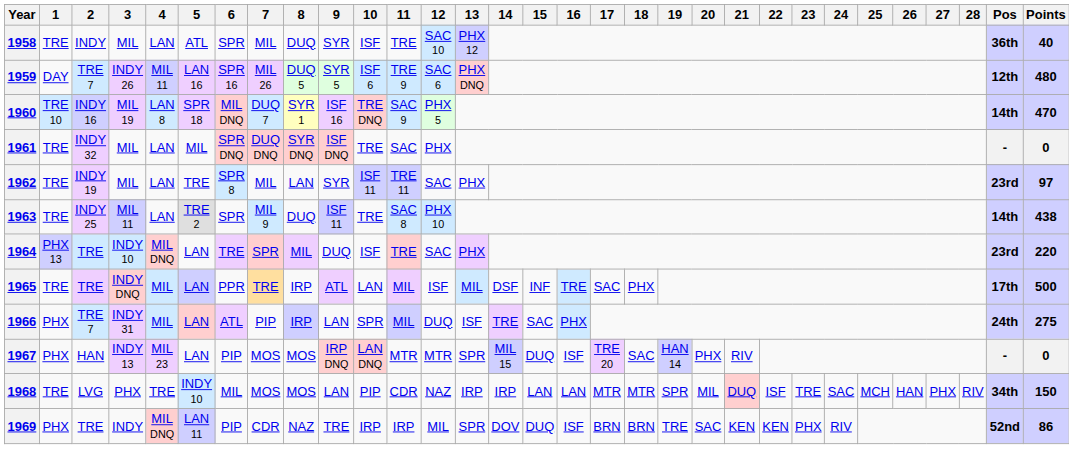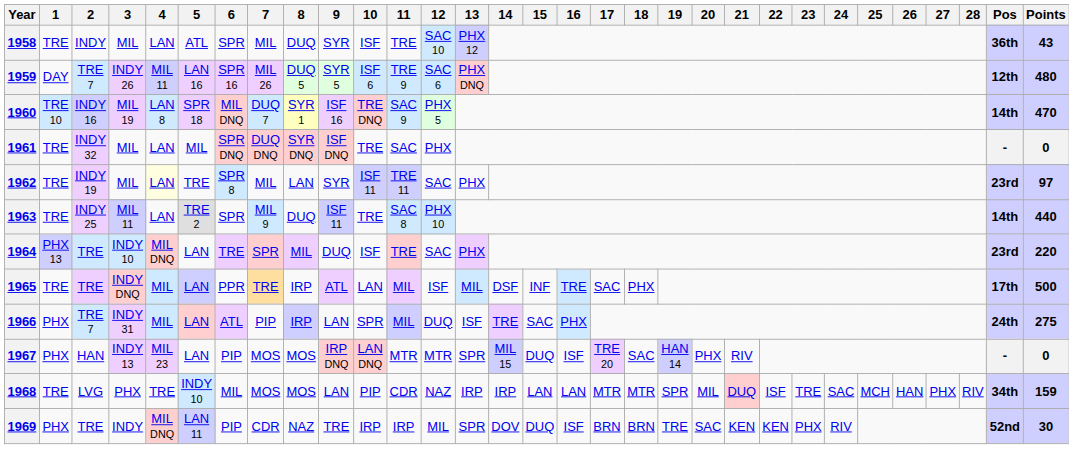 <table class="wikitable" style="text-align:center; font-size:90%">
 <tr>
 <th>Year</th>
 <th>1</th>
 <th>2</th>
 <th>3</th>
 <th>4</th>
 <th>5</th>
 <th>6</th>
 <th>7</th>
 <th>8</th>
 <th>9</th>
 <th>10</th>
 <th>11</th>
 <th>12</th>
 <th>13</th>
 <th>14</th>
 <th>15</th>
 <th>16</th>
 <th>17</th>
 <th>18</th>
 <th>19</th>
 <th>20</th>
 <th>21</th>
 <th>22</th>
 <th>23</th>
 <th>24</th>
 <th>25</th>
 <th>26</th>
 <th>27</th>
 <th>28</th>
 <th>Pos</th>
 <th>Points</th>
 </tr>
 <tr>
 <th rowspan=1><a href='#'>1958</a></th>
 <td><a href='#'>TRE</a></td>
 <td><a href='#'>INDY</a><br><small> </small></td>
 <td><a href='#'>MIL</a><br><small> </small></td>
 <td><a href='#'>LAN</a></td>
 <td><a href='#'>ATL</a></td>
 <td><a href='#'>SPR</a><br><small> </small></td>
 <td><a href='#'>MIL</a><br><small> </small></td>
 <td><a href='#'>DUQ</a><br><small> </small></td>
 <td><a href='#'>SYR</a><br><small> </small></td>
 <td><a href='#'>ISF</a><br><small> </small></td>
 <td><a href='#'>TRE</a><br><small> </small></td>
 <td style="background:#CFEAFF;"><a href='#'>SAC</a><br><small>10</small></td>
 <td style="background:#CFCFFF;"><a href='#'>PHX</a><br><small>12</small></td>
 <td colspan=15></td>
 <th style="background:#CFCFFF;">36th</th>
-<th style="background:#CFCFFF;">40</th>
+<th style="background:#CFCFFF;">43</th>
 </tr>
 <tr>
 <th rowspan=1><a href='#'>1959</a></th>
 <td><a href='#'>DAY</a><br><small> </small></td>
 <td style="background:#cfeaff;"><a href='#'>TRE</a><br><small>7</small></td>
 <td style="background:#efcfff;"><a href='#'>INDY</a><br><small>26</small></td>
 <td style="background:#cfcfff;"><a href='#'>MIL</a><br><small>11</small></td>
 <td style="background:#efcfff;"><a href='#'>LAN</a><br><small>16</small></td>
 <td style="background:#efcfff;"><a href='#'>SPR</a><br><small>16</small></td>
 <td style="background:#efcfff;"><a href='#'>MIL</a><br><small>26</small></td>
 <td style="background:#dfffdf;"><a href='#'>DUQ</a><br><small>5</small></td>
 <td style="background:#dfffdf;"><a href='#'>SYR</a><br><small>5</small></td>
 <td style="background:#cfeaff;"><a href='#'>ISF</a><br><small>6</small></td>
 <td style="background:#cfeaff;"><a href='#'>TRE</a><br><small>9</small></td>
 <td style="background:#cfeaff;"><a href='#'>SAC</a><br><small>6</small></td>
 <td style="background:#ffcfcf;"><a href='#'>PHX</a><br><small>DNQ</small></td>
 <td colspan=15></td>
 <th style="background:#CFCFFF;">12th</th>
 <th style="background:#CFCFFF;">480</th>
 </tr>
 <tr>
 <th><a href='#'>1960</a></th>
 <td style="background:#CFEAFF;"><a href='#'>TRE</a><br><small>10</small></td>
 <td style="background:#CFCFFF;"><a href='#'>INDY</a><br><small>16</small></td>
 <td style="background:#EFCFFF;"><a href='#'>MIL</a><br><small>19</small></td>
 <td style="background:#CFEAFF;"><a href='#'>LAN</a><br><small>8</small></td>
 <td style="background:#EFCFFF;"><a href='#'>SPR</a><br><small>18</small></td>
 <td style="background:#FFCFCF;"><a href='#'>MIL</a><br><small>DNQ</small></td>
 <td style="background:#CFEAFF;"><a href='#'>DUQ</a><br><small>7</small></td>
 <td style="background:#FFFFBF;"><a href='#'>SYR</a><br><small>1</small></td>
 <td style="background:#EFCFFF;"><a href='#'>ISF</a><br><small>16</small></td>
 <td style="background:#FFCFCF;"><a href='#'>TRE</a><br><small>DNQ</small></td>
 <td style="background:#CFEAFF;"><a href='#'>SAC</a><br><small>9</small></td>
 <td style="background:#DFFFDF;"><a href='#'>PHX</a><br><small>5</small></td>
 <td colspan=16></td>
 <th style="background:#CFCFFF;">14th</th>
 <th style="background:#CFCFFF;">470</th>
 </tr>
 <tr>
 <th><a href='#'>1961</a></th>
 <td><a href='#'>TRE</a><br><small> </small></td>
 <td style="background:#EFCFFF;"><a href='#'>INDY</a><br><small>32</small></td>
 <td><a href='#'>MIL</a><br><small> </small></td>
 <td><a href='#'>LAN</a><br><small> </small></td>
 <td><a href='#'>MIL</a><br><small> </small></td>
 <td style="background:#FFCFCF;"><a href='#'>SPR</a><br><small>DNQ</small></td>
 <td style="background:#FFCFCF;"><a href='#'>DUQ</a><br><small>DNQ</small></td>
 <td style="background:#FFCFCF;"><a href='#'>SYR</a><br><small>DNQ</small></td>
 <td style="background:#FFCFCF;"><a href='#'>ISF</a><br><small>DNQ</small></td>
 <td><a href='#'>TRE</a><br><small> </small></td>
 <td><a href='#'>SAC</a><br><small> </small></td>
 <td><a href='#'>PHX</a><br><small> </small></td>
 <td colspan=16></td>
 <th>-</th>
 <th>0</th>
 </tr>
 <tr>
 <th><a href='#'>1962</a></th>
 <td><a href='#'>TRE</a><br><small> </small></td>
 <td style="background:#EFCFFF;"><a href='#'>INDY</a><br><small>19</small></td>
 <td><a href='#'>MIL</a><br><small> </small></td>
-<td><a href='#'>LAN</a><br><small> </small></td>
+<td style="background: lightyellow;"><a href='#'>LAN</a><br><small> </small></td>
 <td><a href='#'>TRE</a><br><small> </small></td>
 <td style="background:#CFEAFF;"><a href='#'>SPR</a><br><small>8</small></td>
 <td><a href='#'>MIL</a><br><small> </small></td>
 <td><a href='#'>LAN</a><br><small> </small></td>
 <td><a href='#'>SYR</a><br><small> </small></td>
 <td style="background:#CFCFFF;"><a href='#'>ISF</a><br><small>11</small></td>
 <td style="background:#CFCFFF;"><a href='#'>TRE</a><br><small>11</small></td>
 <td><a href='#'>SAC</a><br><small> </small></td>
 <td><a href='#'>PHX</a><br><small> </small></td>
 <td colspan=15></td>
 <th style="background:#CFCFFF;">23rd</th>
 <th style="background:#CFCFFF;">97</th>
 </tr>
 <tr>
 <th><a href='#'>1963</a></th>
 <td><a href='#'>TRE</a><br><small> </small></td>
 <td style="background:#EFCFFF;"><a href='#'>INDY</a><br><small>25</small></td>
 <td style="background:#CFCFFF;"><a href='#'>MIL</a><br><small>11</small></td>
 <td><a href='#'>LAN</a><br><small> </small></td>
 <td style="background:#DFDFDF;"><a href='#'>TRE</a><br><small>2</small></td>
 <td><a href='#'>SPR</a><br><small> </small></td>
 <td style="background:#CFEAFF;"><a href='#'>MIL</a><br><small>9</small></td>
 <td><a href='#'>DUQ</a><br><small> </small></td>
 <td style="background:#CFCFFF;"><a href='#'>ISF</a><br><small>11</small></td>
 <td><a href='#'>TRE</a><br><small> </small></td>
 <td style="background:#CFEAFF;"><a href='#'>SAC</a><br><small>8</small></td>
 <td style="background:#CFEAFF;"><a href='#'>PHX</a><br><small>10</small></td>
 <td colspan=16></td>
 <th style="background:#CFCFFF;">14th</th>
-<th style="background:#CFCFFF;">438</th>
+<th style="background:#CFCFFF;">440</th>
 </tr>
 <tr>
 <th><a href='#'>1964</a></th>
 <td style="background:#CFCFFF;"><a href='#'>PHX</a><br><small>13</small></td>
 <td style="background:#CFEAFF;"><a href='#'>TRE</a><br></td>
 <td style="background:#CFEAFF;"><a href='#'>INDY</a><br><small>10</small></td>
 <td style="background:#FFCFCF;"><a href='#'>MIL</a><br><small>DNQ</small></td>
 <td><a href='#'>LAN</a><br></td>
 <td style="background:#EFCFFF;"><a href='#'>TRE</a><br></td>
 <td style="background:#FFCFCF;"><a href='#'>SPR</a><br></td>
 <td style="background:#EFCFFF;"><a href='#'>MIL</a><br></td>
 <td><a href='#'>DUQ</a></td>
 <td><a href='#'>ISF</a></td>
 <td style="background:#FFCFCF;"><a href='#'>TRE</a><br></td>
 <td><a href='#'>SAC</a></td>
 <td style="background:#EFCFFF;"><a href='#'>PHX</a><br></td>
 <td colspan=15></td>
 <th style="background:#CFCFFF;">23rd</th>
 <th style="background:#CFCFFF;">220</th>
 </tr>
 <tr>
 <th><a href='#'>1965</a></th>
 <td><a href='#'>TRE</a></td>
 <td style="background:#EFCFFF;"><a href='#'>TRE</a><br></td>
 <td style="background:#FFCFCF;"><a href='#'>INDY</a><br><small>DNQ</small></td>
 <td style="background:#CFEAFF;"><a href='#'>MIL</a><br></td>
 <td style="background:#CFCFFF;"><a href='#'>LAN</a><br></td>
 <td><a href='#'>PPR</a><br></td>
 <td style="background:#FFDF9F;"><a href='#'>TRE</a><br></td>
 <td><a href='#'>IRP</a><br></td>
 <td style="background:#EFCFFF;"><a href='#'>ATL</a><br></td>
 <td><a href='#'>LAN</a><br></td>
 <td style="background:#EFCFFF;"><a href='#'>MIL</a><br></td>
 <td><a href='#'>ISF</a><br></td>
 <td style="background:#CFEAFF;"><a href='#'>MIL</a><br></td>
 <td><a href='#'>DSF</a><br></td>
 <td><a href='#'>INF</a><br></td>
 <td style="background:#CFEAFF;"><a href='#'>TRE</a><br></td>
 <td><a href='#'>SAC</a><br></td>
 <td><a href='#'>PHX</a><br></td>
 <td colspan=10></td>
 <th style="background:#CFCFFF;">17th</th>
 <th style="background:#CFCFFF;">500</th>
 </tr>
 <tr>
 <th><a href='#'>1966</a></th>
 <td><a href='#'>PHX</a><br><small> </small></td>
 <td style="background:#CFEAFF;"><a href='#'>TRE</a><br><small>7</small></td>
 <td style="background:#EFCFFF;"><a href='#'>INDY</a><br><small>31</small></td>
 <td style="background:#CFEAFF;"><a href='#'>MIL</a><br></td>
 <td style="background:#FFCFCF;"><a href='#'>LAN</a><br></td>
 <td style="background:#EFCFFF;"><a href='#'>ATL</a><br></td>
 <td><a href='#'>PIP</a><br></td>
 <td style="background:#CFCFFF;"><a href='#'>IRP</a><br></td>
 <td><a href='#'>LAN</a><br></td>
 <td><a href='#'>SPR</a><br></td>
 <td style="background:#CFCFFF;"><a href='#'>MIL</a><br></td>
 <td><a href='#'>DUQ</a><br></td>
 <td><a href='#'>ISF</a><br></td>
 <td style="background:#EFCFFF;"><a href='#'>TRE</a><br></td>
 <td><a href='#'>SAC</a><br></td>
 <td style="background:#CFEAFF;"><a href='#'>PHX</a><br></td>
 <td colspan=12></td>
 <th style="background:#CFCFFF;">24th</th>
 <th style="background:#CFCFFF;">275</th>
 </tr>
 <tr>
 <th><a href='#'>1967</a></th>
 <td><a href='#'>PHX</a><br><small> </small></td>
 <td><a href='#'>HAN</a><br><small> </small></td>
 <td style="background:#EFCFFF;"><a href='#'>INDY</a><br><small>13</small></td>
 <td style="background:#EFCFFF;"><a href='#'>MIL</a><br><small>23</small></td>
 <td><a href='#'>LAN</a><br><small> </small></td>
 <td><a href='#'>PIP</a></td>
 <td><a href='#'>MOS</a><br><small> </small></td>
 <td><a href='#'>MOS</a><br><small> </small></td>
 <td style="background:#FFCFCF;"><a href='#'>IRP</a><br><small>DNQ</small></td>
 <td style="background:#FFCFCF;"><a href='#'>LAN</a><br><small>DNQ</small></td>
 <td><a href='#'>MTR</a><br><small> </small></td>
 <td><a href='#'>MTR</a><br><small> </small></td>
 <td><a href='#'>SPR</a><br><small> </small></td>
 <td style="background:#CFCFFF;"><a href='#'>MIL</a><br><small>15</small></td>
 <td><a href='#'>DUQ</a><br><small> </small></td>
 <td><a href='#'>ISF</a><br><small></small></td>
 <td style="background:#EFCFFF;"><a href='#'>TRE</a><br><small>20</small></td>
 <td><a href='#'>SAC</a><br><small> </small></td>
 <td style="background:#CFCFFF;"><a href='#'>HAN</a><br><small>14</small></td>
 <td><a href='#'>PHX</a><br><small> </small></td>
 <td><a href='#'>RIV</a><br><small> </small></td>
 <td colspan=7></td>
 <th>-</th>
 <th>0</th>
 </tr>
 <tr>
 <th><a href='#'>1968</a></th>
 <td><a href='#'>TRE</a><br><small> </small></td>
 <td><a href='#'>LVG</a><br></td>
 <td><a href='#'>PHX</a><br></td>
 <td><a href='#'>TRE</a><br></td>
 <td style="background:#CFEAFF;"><a href='#'>INDY</a><br><small>10</small></td>
 <td><a href='#'>MIL</a><br></td>
 <td><a href='#'>MOS</a><br></td>
 <td><a href='#'>MOS</a><br></td>
 <td><a href='#'>LAN</a><br></td>
 <td><a href='#'>PIP</a><br></td>
 <td><a href='#'>CDR</a><br></td>
 <td><a href='#'>NAZ</a><br></td>
 <td><a href='#'>IRP</a><br></td>
 <td><a href='#'>IRP</a><br></td>
 <td><a href='#'>LAN</a><br></td>
 <td><a href='#'>LAN</a><br></td>
 <td><a href='#'>MTR</a><br></td>
 <td><a href='#'>MTR</a><br></td>
 <td><a href='#'>SPR</a><br></td>
 <td><a href='#'>MIL</a><br></td>
 <td style="background:#FFCFCF;"><a href='#'>DUQ</a><br></td>
 <td><a href='#'>ISF</a><br></td>
 <td><a href='#'>TRE</a><br></td>
 <td><a href='#'>SAC</a><br></td>
 <td><a href='#'>MCH</a><br></td>
 <td><a href='#'>HAN</a><br></td>
 <td><a href='#'>PHX</a><br></td>
 <td><a href='#'>RIV</a><br></td>
 <th style="background:#CFCFFF;">34th</th>
-<th style="background:#CFCFFF;">150</th>
+<th style="background:#CFCFFF;">159</th>
 </tr>
 <tr>
 <th><a href='#'>1969</a></th>
 <td><a href='#'>PHX</a><br><small> </small></td>
 <td><a href='#'>TRE</a><br><small> </small></td>
 <td><a href='#'>INDY</a><br><small> </small></td>
 <td style="background:#ffcfcf;"><a href='#'>MIL</a><br><small>DNQ</small></td>
 <td style="background:#CFCFFF;"><a href='#'>LAN</a><br><small>11</small></td>
 <td><a href='#'>PIP</a></td>
 <td><a href='#'>CDR</a><br><small> </small></td>
 <td><a href='#'>NAZ</a></td>
 <td><a href='#'>TRE</a><br><small> </small></td>
 <td><a href='#'>IRP</a><br><small></small></td>
 <td><a href='#'>IRP</a><br><small> </small></td>
 <td><a href='#'>MIL</a><br><small> </small></td>
 <td><a href='#'>SPR</a><br><small> </small></td>
 <td><a href='#'>DOV</a><br><small> </small></td>
 <td><a href='#'>DUQ</a><br><small> </small></td>
 <td><a href='#'>ISF</a><br><small> </small></td>
 <td><a href='#'>BRN</a><br><small> </small></td>
 <td><a href='#'>BRN</a><br><small> </small></td>
 <td><a href='#'>TRE</a><br><small> </small></td>
 <td><a href='#'>SAC</a><br><small> </small></td>
 <td><a href='#'>KEN</a></td>
 <td><a href='#'>KEN</a></td>
 <td><a href='#'>PHX</a><br><small> </small></td>
 <td><a href='#'>RIV</a><br><small> </small></td>
 <td colspan=4></td>
 <th style="background:#CFCFFF;">52nd</th>
-<th style="background:#CFCFFF;">86</th>
+<th style="background:#CFCFFF;">30</th>
 </tr>
 </table>
